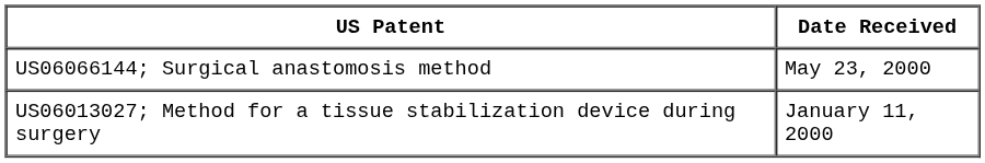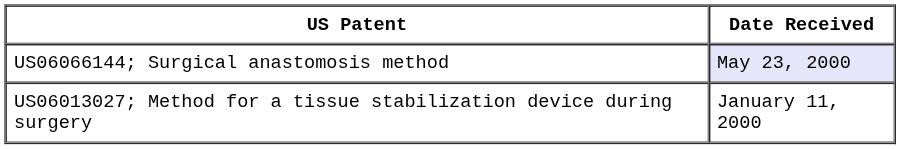 <table border="1" cellpadding="5" cellspacing="0" align="center">
 <tr>
 <th scope="col">US Patent</th>
 <th scope="col">Date Received</th>
 </tr>
 <tr>
 <td>US06066144; Surgical anastomosis method</td>
-<td>May 23, 2000</td>
+<td style="background: lavender;">May 23, 2000</td>
 </tr>
 <tr>
 <td>US06013027; Method for a tissue stabilization device during surgery</td>
 <td>January 11, 2000</td>
 </tr>
 </table>
